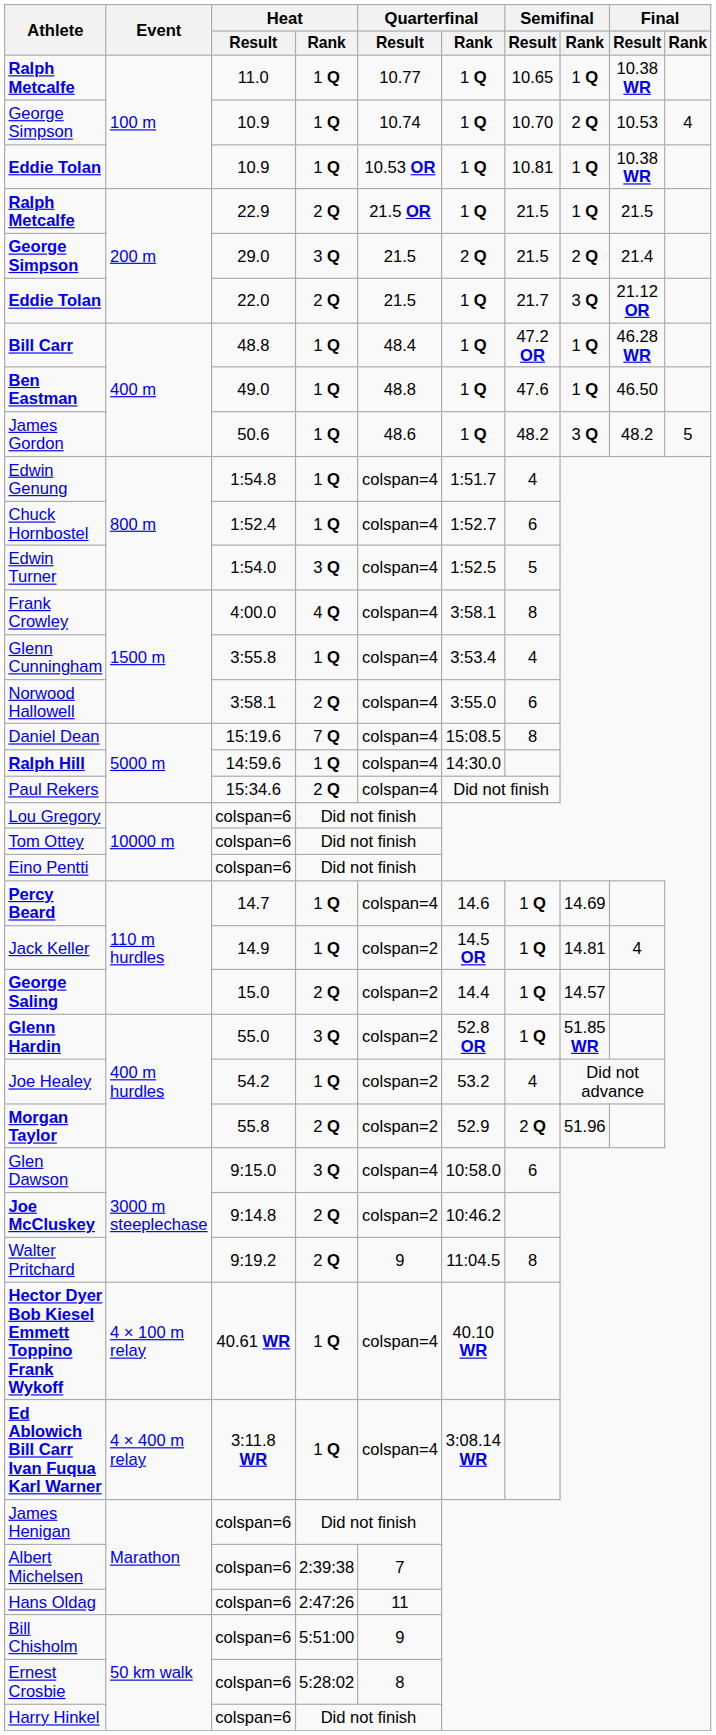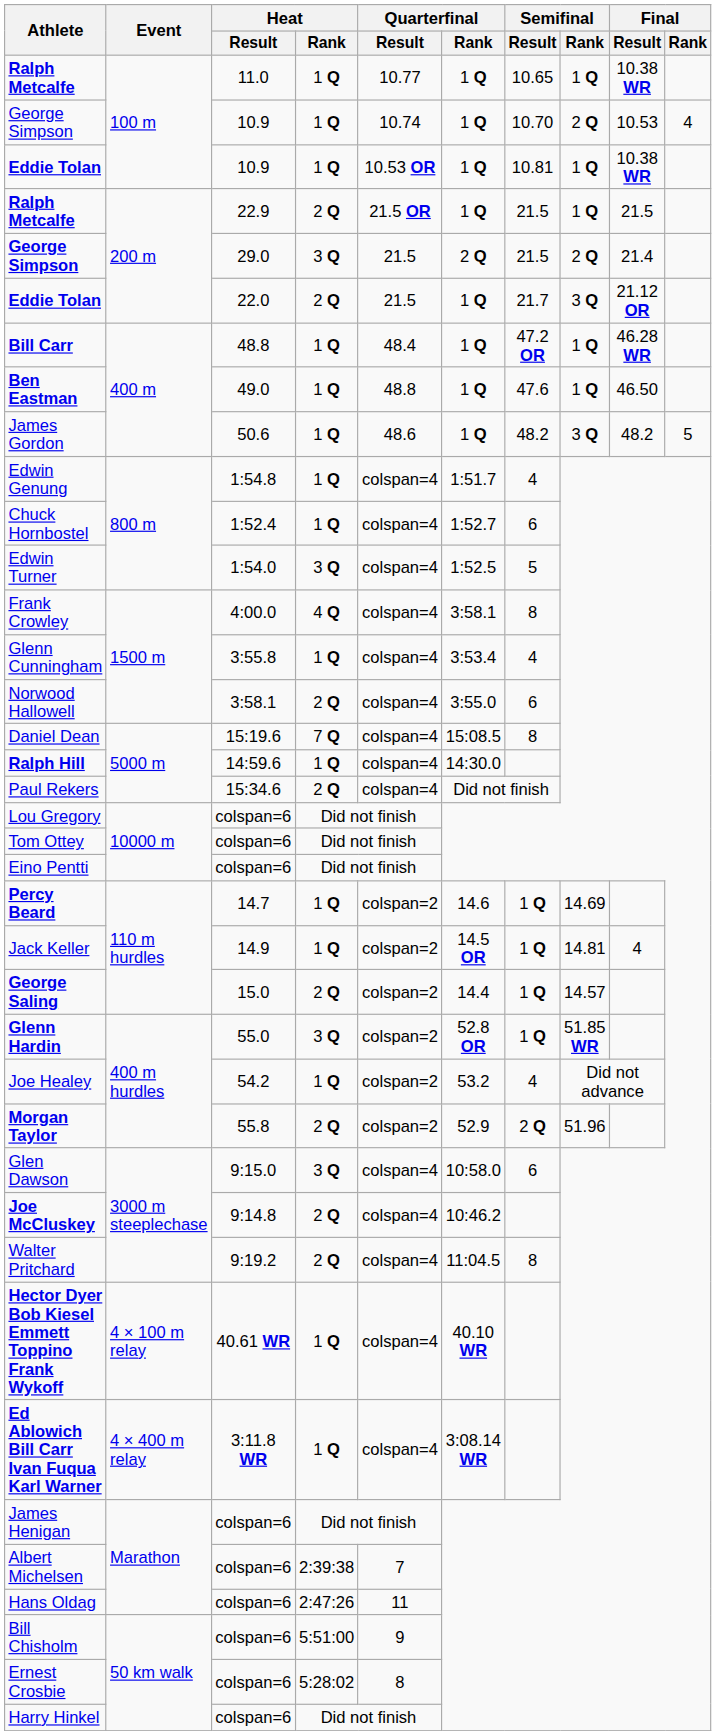 <table class="wikitable" style="font-size:90%">
 <tr>
 <th rowspan=2>Athlete</th>
 <th rowspan=2>Event</th>
 <th colspan=2>Heat</th>
 <th colspan=2>Quarterfinal</th>
 <th colspan=2>Semifinal</th>
 <th colspan=2>Final</th>
 </tr>
 <tr style="font-size:95%">
 <th>Result</th>
 <th>Rank</th>
 <th>Result</th>
 <th>Rank</th>
 <th>Result</th>
 <th>Rank</th>
 <th>Result</th>
 <th>Rank</th>
 </tr>
 <tr align=center>
 <td align=left><strong><a href='#'>Ralph Metcalfe</a></strong></td>
 <td align=left rowspan=3><a href='#'>100 m</a></td>
 <td>11.0</td>
 <td>1 <strong>Q</strong></td>
 <td>10.77</td>
 <td>1 <strong>Q</strong></td>
 <td>10.65</td>
 <td>1 <strong>Q</strong></td>
 <td>10.38 <strong><a href='#'>WR</a></strong></td>
 <td></td>
 </tr>
 <tr align=center>
 <td align=left><a href='#'>George Simpson</a></td>
 <td>10.9</td>
 <td>1 <strong>Q</strong></td>
 <td>10.74</td>
 <td>1 <strong>Q</strong></td>
 <td>10.70</td>
 <td>2 <strong>Q</strong></td>
 <td>10.53</td>
 <td>4</td>
 </tr>
 <tr align=center>
 <td align=left><strong><a href='#'>Eddie Tolan</a></strong></td>
 <td>10.9</td>
 <td>1 <strong>Q</strong></td>
 <td>10.53 <strong><a href='#'>OR</a></strong></td>
 <td>1 <strong>Q</strong></td>
 <td>10.81</td>
 <td>1 <strong>Q</strong></td>
 <td>10.38 <strong><a href='#'>WR</a></strong></td>
 <td></td>
 </tr>
 <tr align=center>
 <td align=left><strong><a href='#'>Ralph Metcalfe</a></strong></td>
 <td align=left rowspan=3><a href='#'>200 m</a></td>
 <td>22.9</td>
 <td>2 <strong>Q</strong></td>
 <td>21.5 <strong><a href='#'>OR</a></strong></td>
 <td>1 <strong>Q</strong></td>
 <td>21.5</td>
 <td>1 <strong>Q</strong></td>
 <td>21.5</td>
 <td></td>
 </tr>
 <tr align=center>
 <td align=left><strong><a href='#'>George Simpson</a></strong></td>
 <td>29.0</td>
 <td>3 <strong>Q</strong></td>
 <td>21.5</td>
 <td>2 <strong>Q</strong></td>
 <td>21.5</td>
 <td>2 <strong>Q</strong></td>
 <td>21.4</td>
 <td></td>
 </tr>
 <tr align=center>
 <td align=left><strong><a href='#'>Eddie Tolan</a></strong></td>
 <td>22.0</td>
 <td>2 <strong>Q</strong></td>
 <td>21.5</td>
 <td>1 <strong>Q</strong></td>
 <td>21.7</td>
 <td>3 <strong>Q</strong></td>
 <td>21.12 <strong><a href='#'>OR</a></strong></td>
 <td></td>
 </tr>
 <tr align=center>
 <td align=left><strong><a href='#'>Bill Carr</a></strong></td>
 <td align=left rowspan=3><a href='#'>400 m</a></td>
 <td>48.8</td>
 <td>1 <strong>Q</strong></td>
 <td>48.4</td>
 <td>1 <strong>Q</strong></td>
 <td>47.2 <strong><a href='#'>OR</a></strong></td>
 <td>1 <strong>Q</strong></td>
 <td>46.28 <strong><a href='#'>WR</a></strong></td>
 <td></td>
 </tr>
 <tr align=center>
 <td align=left><strong><a href='#'>Ben Eastman</a></strong></td>
 <td>49.0</td>
 <td>1 <strong>Q</strong></td>
 <td>48.8</td>
 <td>1 <strong>Q</strong></td>
 <td>47.6</td>
 <td>1 <strong>Q</strong></td>
 <td>46.50</td>
 <td></td>
 </tr>
 <tr align=center>
 <td align=left><a href='#'>James Gordon</a></td>
 <td>50.6</td>
 <td>1 <strong>Q</strong></td>
 <td>48.6</td>
 <td>1 <strong>Q</strong></td>
 <td>48.2</td>
 <td>3 <strong>Q</strong></td>
 <td>48.2</td>
 <td>5</td>
 </tr>
 <tr align=center>
 <td align=left><a href='#'>Edwin Genung</a></td>
 <td align=left rowspan=3><a href='#'>800 m</a></td>
 <td>1:54.8</td>
 <td>1 <strong>Q</strong></td>
 <td>colspan=4 </td>
 <td>1:51.7</td>
 <td>4</td>
 </tr>
 <tr align=center>
 <td align=left><a href='#'>Chuck Hornbostel</a></td>
 <td>1:52.4</td>
 <td>1 <strong>Q</strong></td>
 <td>colspan=4 </td>
 <td>1:52.7</td>
 <td>6</td>
 </tr>
 <tr align=center>
 <td align=left><a href='#'>Edwin Turner</a></td>
 <td>1:54.0</td>
 <td>3 <strong>Q</strong></td>
 <td>colspan=4 </td>
 <td>1:52.5</td>
 <td>5</td>
 </tr>
 <tr align=center>
 <td align=left><a href='#'>Frank Crowley</a></td>
 <td align=left rowspan=3><a href='#'>1500 m</a></td>
 <td>4:00.0</td>
 <td>4 <strong>Q</strong></td>
 <td>colspan=4 </td>
 <td>3:58.1</td>
 <td>8</td>
 </tr>
 <tr align=center>
 <td align=left><a href='#'>Glenn Cunningham</a></td>
 <td>3:55.8</td>
 <td>1 <strong>Q</strong></td>
 <td>colspan=4 </td>
 <td>3:53.4</td>
 <td>4</td>
 </tr>
 <tr align=center>
 <td align=left><a href='#'>Norwood Hallowell</a></td>
 <td>3:58.1</td>
 <td>2 <strong>Q</strong></td>
 <td>colspan=4 </td>
 <td>3:55.0</td>
 <td>6</td>
 </tr>
 <tr align=center>
 <td align=left><a href='#'>Daniel Dean</a></td>
 <td align=left rowspan=3><a href='#'>5000 m</a></td>
 <td>15:19.6</td>
 <td>7 <strong>Q</strong></td>
 <td>colspan=4 </td>
 <td>15:08.5</td>
 <td>8</td>
 </tr>
 <tr align=center>
 <td align=left><strong><a href='#'>Ralph Hill</a></strong></td>
 <td>14:59.6</td>
 <td>1 <strong>Q</strong></td>
 <td>colspan=4 </td>
 <td>14:30.0</td>
 <td></td>
 </tr>
 <tr align=center>
 <td align=left><a href='#'>Paul Rekers</a></td>
 <td>15:34.6</td>
 <td>2 <strong>Q</strong></td>
 <td>colspan=4 </td>
 <td colspan=2>Did not finish</td>
 </tr>
 <tr align=center>
 <td align=left><a href='#'>Lou Gregory</a></td>
 <td align=left rowspan=3><a href='#'>10000 m</a></td>
 <td>colspan=6 </td>
 <td colspan=2>Did not finish</td>
 </tr>
 <tr align=center>
 <td align=left><a href='#'>Tom Ottey</a></td>
 <td>colspan=6 </td>
 <td colspan=2>Did not finish</td>
 </tr>
 <tr align=center>
 <td align=left><a href='#'>Eino Pentti</a></td>
 <td>colspan=6 </td>
 <td colspan=2>Did not finish</td>
 </tr>
 <tr align=center>
 <td align=left><strong><a href='#'>Percy Beard</a></strong></td>
 <td align=left rowspan=3><a href='#'>110 m hurdles</a></td>
 <td>14.7</td>
 <td>1 <strong>Q</strong></td>
-<td>colspan=4 </td>
+<td>colspan=2 </td>
 <td>14.6</td>
 <td>1 <strong>Q</strong></td>
 <td>14.69</td>
 <td></td>
 </tr>
 <tr align=center>
 <td align=left><a href='#'>Jack Keller</a></td>
 <td>14.9</td>
 <td>1 <strong>Q</strong></td>
 <td>colspan=2 </td>
 <td>14.5 <strong><a href='#'>OR</a></strong></td>
 <td>1 <strong>Q</strong></td>
 <td>14.81</td>
 <td>4</td>
 </tr>
 <tr align=center>
 <td align=left><strong><a href='#'>George Saling</a></strong></td>
 <td>15.0</td>
 <td>2 <strong>Q</strong></td>
 <td>colspan=2 </td>
 <td>14.4</td>
 <td>1 <strong>Q</strong></td>
 <td>14.57</td>
 <td></td>
 </tr>
 <tr align=center>
 <td align=left><strong><a href='#'>Glenn Hardin</a></strong></td>
 <td align=left rowspan=3><a href='#'>400 m hurdles</a></td>
 <td>55.0</td>
 <td>3 <strong>Q</strong></td>
 <td>colspan=2 </td>
 <td>52.8 <strong><a href='#'>OR</a></strong></td>
 <td>1 <strong>Q</strong></td>
 <td>51.85 <strong><a href='#'>WR</a></strong> </td>
 <td></td>
 </tr>
 <tr align=center>
 <td align=left><a href='#'>Joe Healey</a></td>
 <td>54.2</td>
 <td>1 <strong>Q</strong></td>
 <td>colspan=2 </td>
 <td>53.2</td>
 <td>4</td>
 <td colspan=2>Did not advance</td>
 </tr>
 <tr align=center>
 <td align=left><strong><a href='#'>Morgan Taylor</a></strong></td>
 <td>55.8</td>
 <td>2 <strong>Q</strong></td>
 <td>colspan=2 </td>
 <td>52.9</td>
 <td>2 <strong>Q</strong></td>
 <td>51.96</td>
 <td></td>
 </tr>
 <tr align=center>
 <td align=left><a href='#'>Glen Dawson</a></td>
 <td align=left rowspan=3><a href='#'>3000 m steeplechase</a></td>
 <td>9:15.0</td>
 <td>3 <strong>Q</strong></td>
 <td>colspan=4 </td>
 <td>10:58.0</td>
 <td>6</td>
 </tr>
 <tr align=center>
 <td align=left><strong><a href='#'>Joe McCluskey</a></strong></td>
 <td>9:14.8</td>
 <td>2 <strong>Q</strong></td>
-<td>colspan=2 </td>
+<td>colspan=4 </td>
 <td>10:46.2</td>
 <td></td>
 </tr>
 <tr align=center>
 <td align=left><a href='#'>Walter Pritchard</a></td>
 <td>9:19.2</td>
 <td>2 <strong>Q</strong></td>
-<td>9</td>
+<td>colspan=4 </td>
 <td>11:04.5</td>
 <td>8</td>
 </tr>
 <tr align=center>
 <td align=left><strong><a href='#'>Hector Dyer</a><br><a href='#'>Bob Kiesel</a><br><a href='#'>Emmett Toppino</a><br><a href='#'>Frank Wykoff</a></strong></td>
 <td align=left><a href='#'>4 × 100 m relay</a></td>
 <td>40.61 <strong><a href='#'>WR</a></strong></td>
 <td>1 <strong>Q</strong></td>
 <td>colspan=4 </td>
 <td>40.10 <strong><a href='#'>WR</a></strong></td>
 <td></td>
 </tr>
 <tr align=center>
 <td align=left><strong><a href='#'>Ed Ablowich</a><br><a href='#'>Bill Carr</a><br><a href='#'>Ivan Fuqua</a><br><a href='#'>Karl Warner</a></strong></td>
 <td align=left><a href='#'>4 × 400 m relay</a></td>
 <td>3:11.8 <strong><a href='#'>WR</a></strong></td>
 <td>1 <strong>Q</strong></td>
 <td>colspan=4 </td>
 <td>3:08.14 <strong><a href='#'>WR</a></strong></td>
 <td></td>
 </tr>
 <tr align=center>
 <td align=left><a href='#'>James Henigan</a></td>
 <td align=left rowspan=3><a href='#'>Marathon</a></td>
 <td>colspan=6 </td>
 <td colspan=2>Did not finish</td>
 </tr>
 <tr align=center>
 <td align=left><a href='#'>Albert Michelsen</a></td>
 <td>colspan=6 </td>
 <td>2:39:38</td>
 <td>7</td>
 </tr>
 <tr align=center>
 <td align=left><a href='#'>Hans Oldag</a></td>
 <td>colspan=6 </td>
 <td>2:47:26</td>
 <td>11</td>
 </tr>
 <tr align=center>
 <td align=left><a href='#'>Bill Chisholm</a></td>
 <td align=left rowspan=3><a href='#'>50 km walk</a></td>
 <td>colspan=6 </td>
 <td>5:51:00</td>
 <td>9</td>
 </tr>
 <tr align=center>
 <td align=left><a href='#'>Ernest Crosbie</a></td>
 <td>colspan=6 </td>
 <td>5:28:02</td>
 <td>8</td>
 </tr>
 <tr align=center>
 <td align=left><a href='#'>Harry Hinkel</a></td>
 <td>colspan=6 </td>
 <td colspan=2>Did not finish</td>
 </tr>
 </table>
